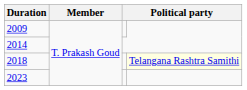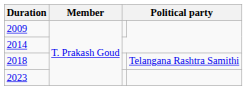 <table class="wikitable">
 <tr>
 <th>Duration</th>
 <th>Member</th>
 <th colspan="2">Political party</th>
 </tr>
 <tr>
 <td><a href='#'>2009</a></td>
 <td rowspan=4><a href='#'>T. Prakash Goud</a></td>
 <td></td>
 </tr>
 <tr>
 <td><a href='#'>2014</a></td>
 </tr>
 <tr>
 <td><a href='#'>2018</a></td>
 <td rowspan="1" bgcolor=></td>
-<td style="background: lightyellow;"><a href='#'>Telangana Rashtra Samithi</a></td>
+<td><a href='#'>Telangana Rashtra Samithi</a></td>
 </tr>
 <tr>
 <td><a href='#'>2023</a></td>
 <td></td>
 </tr>
 </table>
